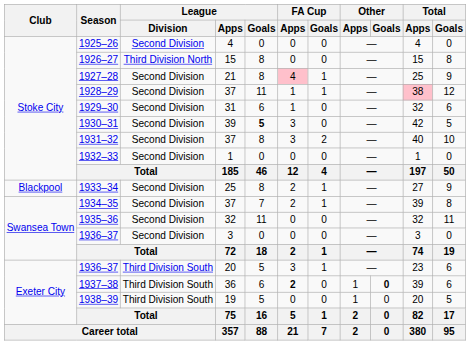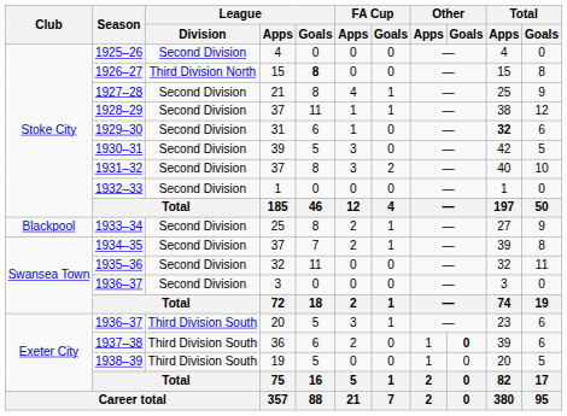 <table class="wikitable" style="text-align: center;">
 <tr>
 <th rowspan="2">Club</th>
 <th rowspan="2">Season</th>
 <th colspan="3">League</th>
 <th colspan="2">FA Cup</th>
 <th colspan="2">Other</th>
 <th colspan="2">Total</th>
 </tr>
 <tr>
 <th>Division</th>
 <th>Apps</th>
 <th>Goals</th>
 <th>Apps</th>
 <th>Goals</th>
 <th>Apps</th>
 <th>Goals</th>
 <th>Apps</th>
 <th>Goals</th>
 </tr>
 <tr>
 <td rowspan="9"><a href='#'>Stoke City</a></td>
 <td><a href='#'>1925–26</a></td>
 <td><a href='#'>Second Division</a></td>
 <td>4</td>
 <td>0</td>
 <td>0</td>
 <td>0</td>
 <td colspan=2>—</td>
 <td>4</td>
 <td>0</td>
 </tr>
 <tr>
 <td><a href='#'>1926–27</a></td>
 <td><a href='#'>Third Division North</a></td>
 <td>15</td>
-<td>8</td>
+<td><strong>8</strong></td>
 <td>0</td>
 <td>0</td>
 <td colspan=2>—</td>
 <td>15</td>
 <td>8</td>
 </tr>
 <tr>
 <td><a href='#'>1927–28</a></td>
 <td>Second Division</td>
 <td>21</td>
 <td>8</td>
-<td style="background: pink;">4</td>
+<td>4</td>
 <td>1</td>
 <td colspan=2>—</td>
 <td>25</td>
 <td>9</td>
 </tr>
 <tr>
 <td><a href='#'>1928–29</a></td>
 <td>Second Division</td>
 <td>37</td>
 <td>11</td>
 <td>1</td>
 <td>1</td>
 <td colspan=2>—</td>
-<td style="background: pink;">38</td>
+<td>38</td>
 <td>12</td>
 </tr>
 <tr>
 <td><a href='#'>1929–30</a></td>
 <td>Second Division</td>
 <td>31</td>
 <td>6</td>
 <td>1</td>
 <td>0</td>
 <td colspan=2>—</td>
-<td>32</td>
+<td><strong>32</strong></td>
 <td>6</td>
 </tr>
 <tr>
 <td><a href='#'>1930–31</a></td>
 <td>Second Division</td>
 <td>39</td>
-<td><strong>5</strong></td>
+<td>5</td>
 <td>3</td>
 <td>0</td>
 <td colspan=2>—</td>
 <td>42</td>
 <td>5</td>
 </tr>
 <tr>
 <td><a href='#'>1931–32</a></td>
 <td>Second Division</td>
 <td>37</td>
 <td>8</td>
 <td>3</td>
 <td>2</td>
 <td colspan=2>—</td>
 <td>40</td>
 <td>10</td>
 </tr>
 <tr>
 <td><a href='#'>1932–33</a></td>
 <td>Second Division</td>
 <td>1</td>
 <td>0</td>
 <td>0</td>
 <td>0</td>
 <td colspan=2>—</td>
 <td>1</td>
 <td>0</td>
 </tr>
 <tr>
 <th colspan=2>Total</th>
 <th>185</th>
 <th>46</th>
 <th>12</th>
 <th>4</th>
 <th colspan=2>—</th>
 <th>197</th>
 <th>50</th>
 </tr>
 <tr>
 <td><a href='#'>Blackpool</a></td>
 <td><a href='#'>1933–34</a></td>
 <td>Second Division</td>
 <td>25</td>
 <td>8</td>
 <td>2</td>
 <td>1</td>
 <td colspan=2>—</td>
 <td>27</td>
 <td>9</td>
 </tr>
 <tr>
 <td rowspan="4"><a href='#'>Swansea Town</a></td>
 <td><a href='#'>1934–35</a></td>
 <td>Second Division</td>
 <td>37</td>
 <td>7</td>
 <td>2</td>
 <td>1</td>
 <td colspan=2>—</td>
 <td>39</td>
 <td>8</td>
 </tr>
 <tr>
 <td><a href='#'>1935–36</a></td>
 <td>Second Division</td>
 <td>32</td>
 <td>11</td>
 <td>0</td>
 <td>0</td>
 <td colspan=2>—</td>
 <td>32</td>
 <td>11</td>
 </tr>
 <tr>
 <td><a href='#'>1936–37</a></td>
 <td>Second Division</td>
 <td>3</td>
 <td>0</td>
 <td>0</td>
 <td>0</td>
 <td colspan=2>—</td>
 <td>3</td>
 <td>0</td>
 </tr>
 <tr>
 <th colspan=2>Total</th>
 <th>72</th>
 <th>18</th>
 <th>2</th>
 <th>1</th>
 <th colspan=2>—</th>
 <th>74</th>
 <th>19</th>
 </tr>
 <tr>
 <td rowspan="4"><a href='#'>Exeter City</a></td>
 <td><a href='#'>1936–37</a></td>
 <td><a href='#'>Third Division South</a></td>
 <td>20</td>
 <td>5</td>
 <td>3</td>
 <td>1</td>
 <td colspan=2>—</td>
 <td>23</td>
 <td>6</td>
 </tr>
 <tr>
 <td><a href='#'>1937–38</a></td>
 <td>Third Division South</td>
 <td>36</td>
 <td>6</td>
-<td><strong>2</strong></td>
+<td>2</td>
 <td>0</td>
 <td>1</td>
 <td><strong>0</strong></td>
 <td>39</td>
 <td>6</td>
 </tr>
 <tr>
 <td><a href='#'>1938–39</a></td>
 <td>Third Division South</td>
 <td>19</td>
 <td>5</td>
 <td>0</td>
 <td>0</td>
 <td>1</td>
 <td>0</td>
 <td>20</td>
 <td>5</td>
 </tr>
 <tr>
 <th colspan=2>Total</th>
 <th>75</th>
 <th>16</th>
 <th>5</th>
 <th>1</th>
 <th>2</th>
 <th>0</th>
 <th>82</th>
 <th>17</th>
 </tr>
 <tr>
 <th colspan=3>Career total</th>
 <th>357</th>
 <th>88</th>
 <th>21</th>
 <th>7</th>
 <th>2</th>
 <th>0</th>
 <th>380</th>
 <th>95</th>
 </tr>
 </table>
